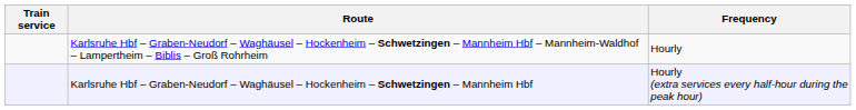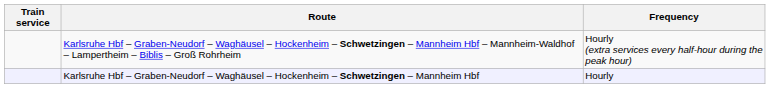 <table class="wikitable">
 <tr class="hintergrundfarbe6">
 <th>Train service</th>
 <th>Route</th>
 <th>Frequency</th>
 </tr>
 <tr>
 <td></td>
 <td><a href='#'>Karlsruhe Hbf</a> – <a href='#'>Graben-Neudorf</a> – <a href='#'>Waghäusel</a> – <a href='#'>Hockenheim</a> – <strong>Schwetzingen</strong> – <a href='#'>Mannheim Hbf</a> – Mannheim-Waldhof – Lampertheim – <a href='#'>Biblis</a> – Groß Rohrheim</td>
-<td>Hourly</td>
+<td>Hourly<br> <em>(extra services every half-hour during the peak hour)</em></td>
 </tr>
 <tr bgcolor="#f0f0ff">
 <td></td>
 <td>Karlsruhe Hbf – Graben-Neudorf – Waghäusel – Hockenheim – <strong>Schwetzingen</strong> – Mannheim Hbf</td>
-<td>Hourly<br> <em>(extra services every half-hour during the peak hour)</em></td>
+<td>Hourly</td>
 </tr>
 </table>
